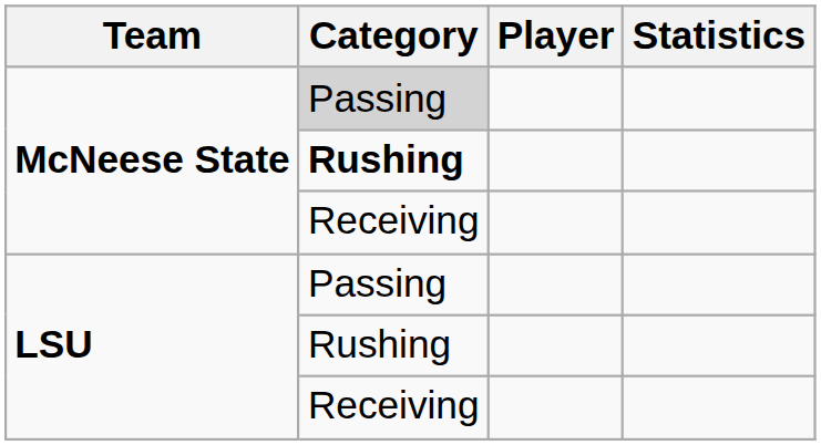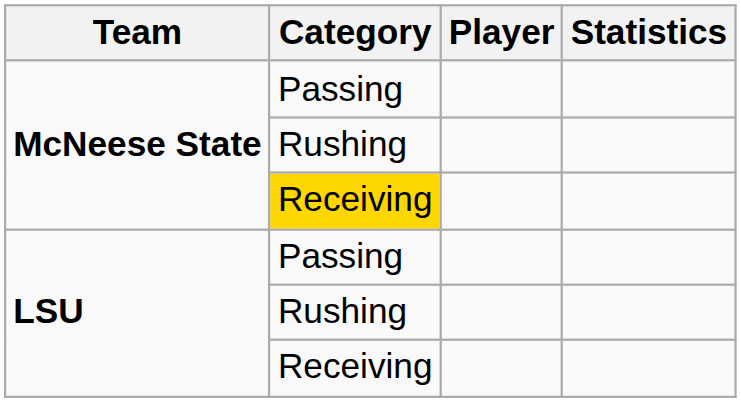 <table class="wikitable" style="float: left;">
 <tr>
 <th>Team</th>
 <th>Category</th>
 <th>Player</th>
 <th>Statistics</th>
 </tr>
 <tr>
 <td rowspan=3><strong>McNeese State</strong></td>
-<td style="background: lightgrey;">Passing</td>
+<td>Passing</td>
 <td> </td>
 <td> </td>
 </tr>
 <tr>
-<td><strong>Rushing</strong></td>
+<td>Rushing</td>
 <td> </td>
 <td> </td>
 </tr>
 <tr>
-<td>Receiving</td>
+<td style="background: gold;">Receiving</td>
 <td> </td>
 <td> </td>
 </tr>
 <tr>
 <td rowspan=3><strong>LSU</strong></td>
 <td>Passing</td>
 <td> </td>
 <td> </td>
 </tr>
 <tr>
 <td>Rushing</td>
 <td> </td>
 <td> </td>
 </tr>
 <tr>
 <td>Receiving</td>
 <td> </td>
 <td> </td>
 </tr>
 </table>
